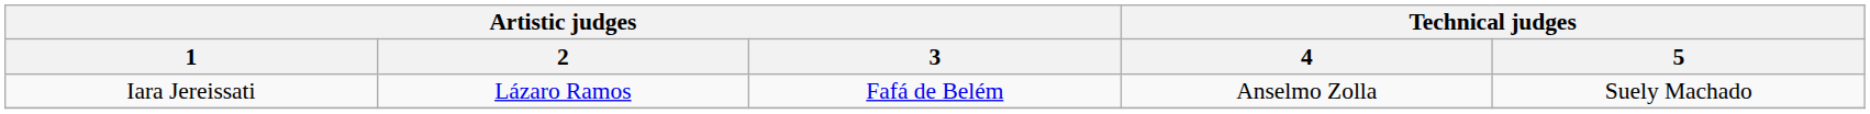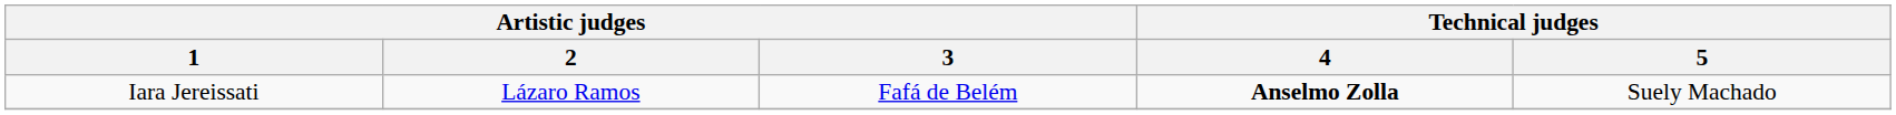 <table class="wikitable" style="font-size:100%; line-height:16px; text-align:center" width="100%">
 <tr>
 <th colspan=3>Artistic judges</th>
 <th colspan=2>Technical judges</th>
 </tr>
 <tr>
 <th style="width:20.0%;">1</th>
 <th style="width:20.0%;">2</th>
 <th style="width:20.0%;">3</th>
 <th style="width:20.0%;">4</th>
 <th style="width:20.0%;">5</th>
 </tr>
 <tr>
 <td>Iara Jereissati</td>
 <td><a href='#'>Lázaro Ramos</a></td>
 <td><a href='#'>Fafá de Belém</a></td>
-<td>Anselmo Zolla</td>
+<td><strong>Anselmo Zolla</strong></td>
 <td>Suely Machado</td>
 </tr>
 <tr>
 </tr>
 </table>
